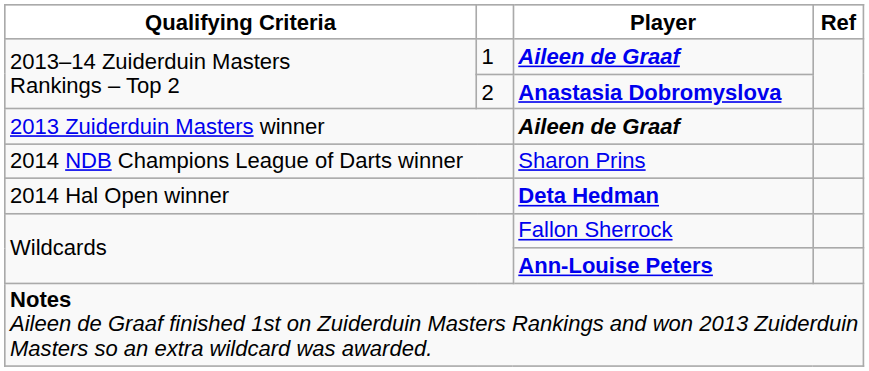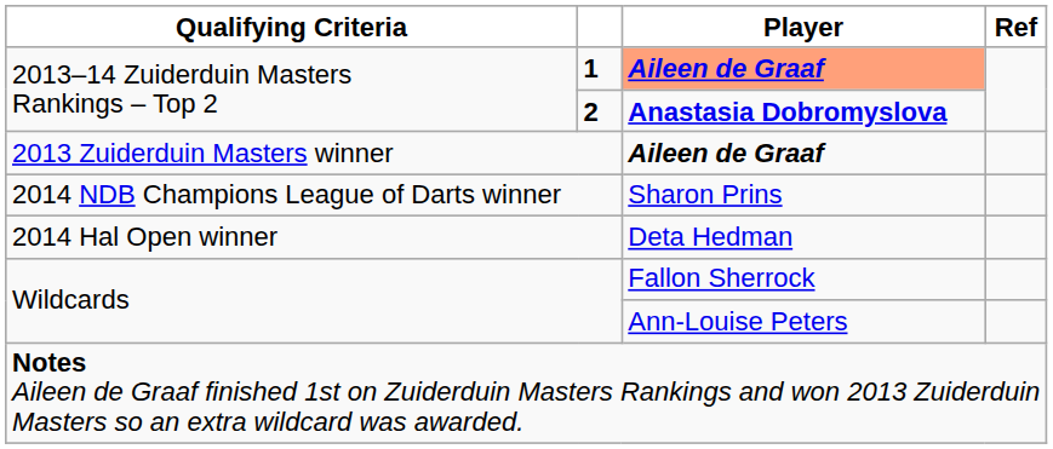 <table class="wikitable sortable collapsible collapsed" style="font-size:85%;">
 <tr>
 <th style="background:#ffffff; color:#000000;">Qualifying Criteria</th>
 <th style="background:#ffffff; color:#000000;"></th>
 <th style="background:#ffffff; color:#000000;">Player</th>
 <th style="background:#ffffff; color:#000000;">Ref</th>
 </tr>
 <tr>
 <td rowspan=2>2013–14 Zuiderduin Masters<br>Rankings – Top 2</td>
-<td>1</td>
-<td> <strong><em><a href='#'>Aileen de Graaf</a></em></strong></td>
+<td><strong>1</strong></td>
+<td style="background: lightsalmon;"> <strong><em><a href='#'>Aileen de Graaf</a></em></strong></td>
 <td rowspan=2></td>
 </tr>
 <tr>
-<td>2</td>
+<td><strong>2</strong></td>
 <td> <strong><a href='#'>Anastasia Dobromyslova</a></strong></td>
 </tr>
 <tr>
 <td colspan=2><a href='#'>2013 Zuiderduin Masters</a> winner</td>
 <td> <strong><em>Aileen de Graaf</em></strong></td>
 <td></td>
 </tr>
 <tr>
 <td colspan=2>2014 <a href='#'>NDB</a> Champions League of Darts winner</td>
 <td> <a href='#'>Sharon Prins</a></td>
 <td></td>
 </tr>
 <tr>
 <td colspan=2>2014 Hal Open winner</td>
-<td><strong> <a href='#'>Deta Hedman</a></strong></td>
+<td> <a href='#'>Deta Hedman</a></td>
 <td></td>
 </tr>
 <tr>
 <td rowspan=2 colspan=2>Wildcards</td>
 <td> <a href='#'>Fallon Sherrock</a></td>
 <td></td>
 </tr>
 <tr>
-<td><strong> <a href='#'>Ann-Louise Peters</a></strong></td>
+<td> <a href='#'>Ann-Louise Peters</a></td>
 <td></td>
 </tr>
 <tr>
 <td colspan=4><strong>Notes</strong><br><em>Aileen de Graaf finished 1st on Zuiderduin Masters Rankings and won 2013 Zuiderduin<br>Masters so an extra wildcard was awarded.</em></td>
 </tr>
 </table>
